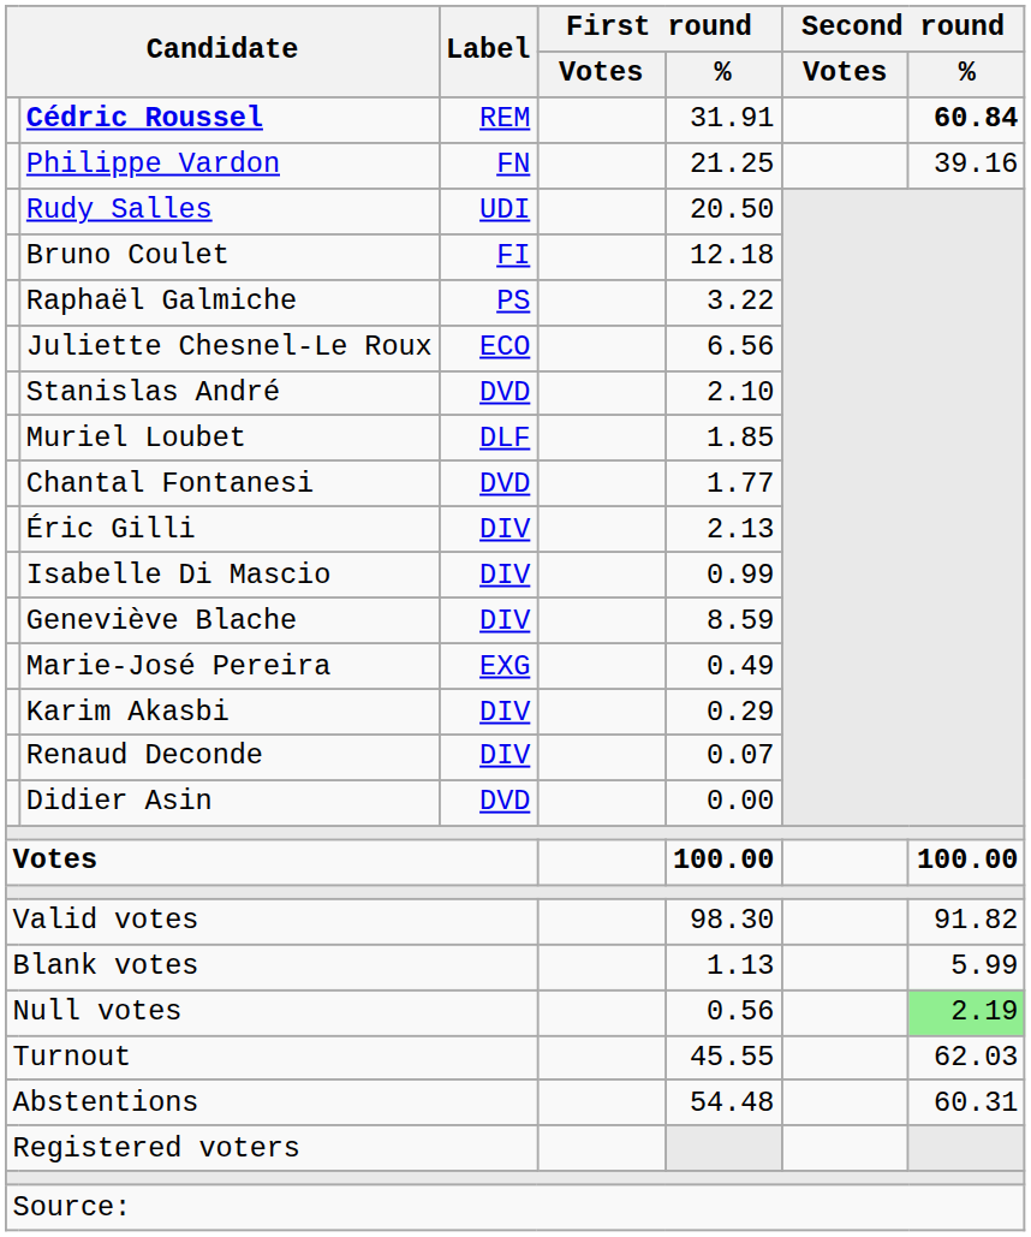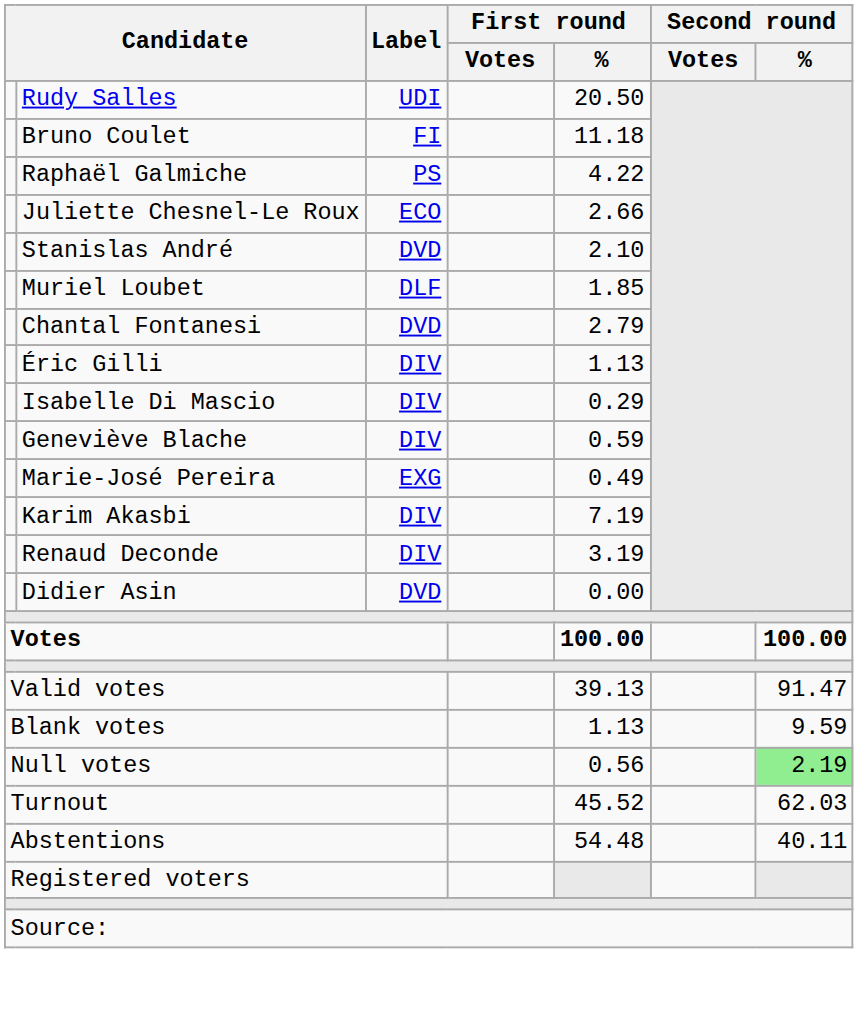 <table class="wikitable" style="text-align:right;font-size:95%;">
 <tr>
 <th rowspan="2" colspan="2">Candidate</th>
 <th rowspan="2">Label</th>
 <th colspan="2">First round</th>
 <th colspan="2">Second round</th>
 </tr>
 <tr>
 <th style="width:50px;">Votes</th>
 <th style="width:45px;">%</th>
 <th style="width:50px;">Votes</th>
 <th style="width:45px;">%</th>
 </tr>
 <tr>
 <td style="color:inherit;background:"></td>
-<td style="text-align:left;"><strong><a href='#'>Cédric Roussel</a></strong></td>
-<td><a href='#'>REM</a></td>
-<td></td>
-<td>31.91</td>
-<td><strong></strong></td>
-<td><strong>60.84</strong></td>
-</tr>
-<tr>
-<td style="color:inherit;background:"></td>
-<td style="text-align:left;"><a href='#'>Philippe Vardon</a></td>
-<td><a href='#'>FN</a></td>
-<td></td>
-<td>21.25</td>
-<td></td>
-<td>39.16</td>
-</tr>
-<tr>
-<td style="color:inherit;background:"></td>
 <td style="text-align:left;"><a href='#'>Rudy Salles</a></td>
 <td><a href='#'>UDI</a></td>
 <td></td>
 <td>20.50</td>
 <td colspan="2" rowspan="14" style="background:#E9E9E9;"></td>
 </tr>
 <tr>
 <td style="color:inherit;background:"></td>
 <td style="text-align:left;">Bruno Coulet</td>
 <td><a href='#'>FI</a></td>
 <td></td>
-<td>12.18</td>
+<td>11.18</td>
 </tr>
 <tr>
 <td style="color:inherit;background:"></td>
 <td style="text-align:left;">Raphaël Galmiche</td>
 <td><a href='#'>PS</a></td>
 <td></td>
-<td>3.22</td>
+<td>4.22</td>
 </tr>
 <tr>
 <td style="color:inherit;background:"></td>
 <td style="text-align:left;">Juliette Chesnel-Le Roux</td>
 <td><a href='#'>ECO</a></td>
 <td></td>
-<td>6.56</td>
+<td>2.66</td>
 </tr>
 <tr>
 <td style="color:inherit;background:"></td>
 <td style="text-align:left;">Stanislas André</td>
 <td><a href='#'>DVD</a></td>
 <td></td>
 <td>2.10</td>
 </tr>
 <tr>
 <td style="color:inherit;background:"></td>
 <td style="text-align:left;">Muriel Loubet</td>
 <td><a href='#'>DLF</a></td>
 <td></td>
 <td>1.85</td>
 </tr>
 <tr>
 <td style="color:inherit;background:"></td>
 <td style="text-align:left;">Chantal Fontanesi</td>
 <td><a href='#'>DVD</a></td>
 <td></td>
-<td>1.77</td>
+<td>2.79</td>
 </tr>
 <tr>
 <td style="color:inherit;background:"></td>
 <td style="text-align:left;">Éric Gilli</td>
 <td><a href='#'>DIV</a></td>
 <td></td>
-<td>2.13</td>
+<td>1.13</td>
 </tr>
 <tr>
 <td style="color:inherit;background:"></td>
 <td style="text-align:left;">Isabelle Di Mascio</td>
 <td><a href='#'>DIV</a></td>
 <td></td>
-<td>0.99</td>
+<td>0.29</td>
 </tr>
 <tr>
 <td style="color:inherit;background:"></td>
 <td style="text-align:left;">Geneviève Blache</td>
 <td><a href='#'>DIV</a></td>
 <td></td>
-<td>8.59</td>
+<td>0.59</td>
 </tr>
 <tr>
 <td style="color:inherit;background:"></td>
 <td style="text-align:left;">Marie-José Pereira</td>
 <td><a href='#'>EXG</a></td>
 <td></td>
 <td>0.49</td>
 </tr>
 <tr>
 <td style="color:inherit;background:"></td>
 <td style="text-align:left;">Karim Akasbi</td>
 <td><a href='#'>DIV</a></td>
 <td></td>
-<td>0.29</td>
+<td>7.19</td>
 </tr>
 <tr>
 <td style="color:inherit;background:"></td>
 <td style="text-align:left;">Renaud Deconde</td>
 <td><a href='#'>DIV</a></td>
 <td></td>
-<td>0.07</td>
+<td>3.19</td>
 </tr>
 <tr>
 <td style="color:inherit;background:"></td>
 <td style="text-align:left;">Didier Asin</td>
 <td><a href='#'>DVD</a></td>
 <td></td>
 <td>0.00</td>
 </tr>
 <tr>
 <td colspan="7" style="background:#E9E9E9;"></td>
 </tr>
 <tr style="font-weight:bold;">
 <td colspan="3" style="text-align:left;">Votes</td>
 <td></td>
 <td>100.00</td>
 <td></td>
 <td>100.00</td>
 </tr>
 <tr>
 <td colspan="7" style="background:#E9E9E9;"></td>
 </tr>
 <tr>
 <td colspan="3" style="text-align:left;">Valid votes</td>
 <td></td>
-<td>98.30</td>
+<td>39.13</td>
 <td></td>
-<td>91.82</td>
+<td>91.47</td>
 </tr>
 <tr>
 <td colspan="3" style="text-align:left;">Blank votes</td>
 <td></td>
 <td>1.13</td>
 <td></td>
-<td>5.99</td>
+<td>9.59</td>
 </tr>
 <tr>
 <td colspan="3" style="text-align:left;">Null votes</td>
 <td></td>
 <td>0.56</td>
 <td></td>
 <td style="background: lightgreen;">2.19</td>
 </tr>
 <tr>
 <td colspan="3" style="text-align:left;">Turnout</td>
 <td></td>
-<td>45.55</td>
+<td>45.52</td>
 <td></td>
 <td>62.03</td>
 </tr>
 <tr>
 <td colspan="3" style="text-align:left;">Abstentions</td>
 <td></td>
 <td>54.48</td>
 <td></td>
-<td>60.31</td>
+<td>40.11</td>
 </tr>
 <tr>
 <td colspan="3" style="text-align:left;">Registered voters</td>
 <td></td>
 <td style="background:#E9E9E9;"></td>
 <td></td>
 <td style="background:#E9E9E9;"></td>
 </tr>
 <tr>
 <td colspan="7" style="background:#E9E9E9;"></td>
 </tr>
 <tr>
 <td colspan="7" style="text-align:left;">Source: </td>
 </tr>
 </table>
